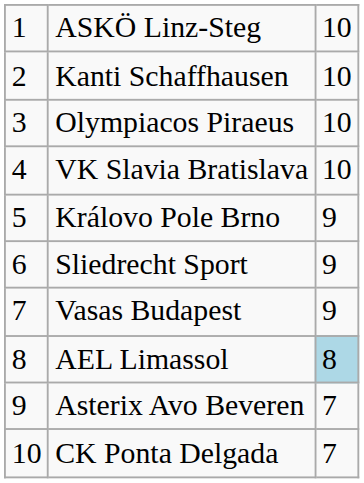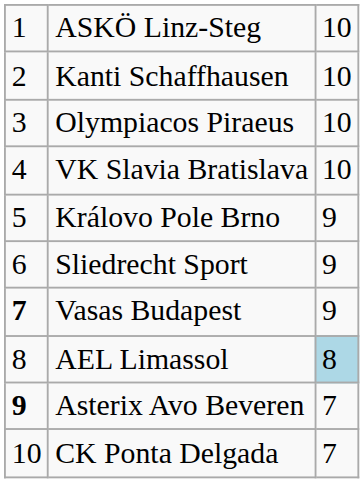 <table class="wikitable">
 <tr>
 <td>1</td>
 <td>ASKÖ Linz-Steg</td>
 <td>10</td>
 </tr>
 <tr>
 <td>2</td>
 <td>Kanti Schaffhausen</td>
 <td>10</td>
 </tr>
 <tr>
 <td>3</td>
 <td>Olympiacos Piraeus</td>
 <td>10</td>
 </tr>
 <tr>
 <td>4</td>
 <td>VK Slavia Bratislava</td>
 <td>10</td>
 </tr>
 <tr>
 <td>5</td>
 <td>Královo Pole Brno</td>
 <td>9</td>
 </tr>
 <tr>
 <td>6</td>
 <td>Sliedrecht Sport</td>
 <td>9</td>
 </tr>
 <tr>
-<td>7</td>
+<td><strong>7</strong></td>
 <td>Vasas Budapest</td>
 <td>9</td>
 </tr>
 <tr>
 <td>8</td>
 <td>AEL Limassol</td>
 <td style="background: lightblue;">8</td>
 </tr>
 <tr>
-<td>9</td>
+<td><strong>9</strong></td>
 <td>Asterix Avo Beveren</td>
 <td>7</td>
 </tr>
 <tr>
 <td>10</td>
 <td>CK Ponta Delgada</td>
 <td>7</td>
 </tr>
 </table>
